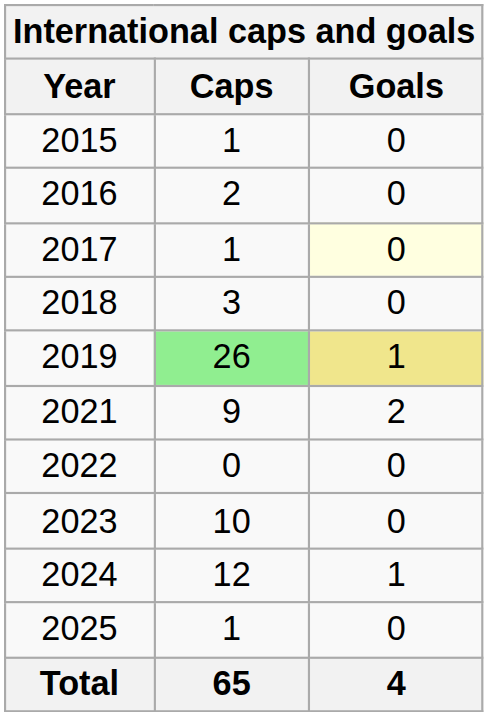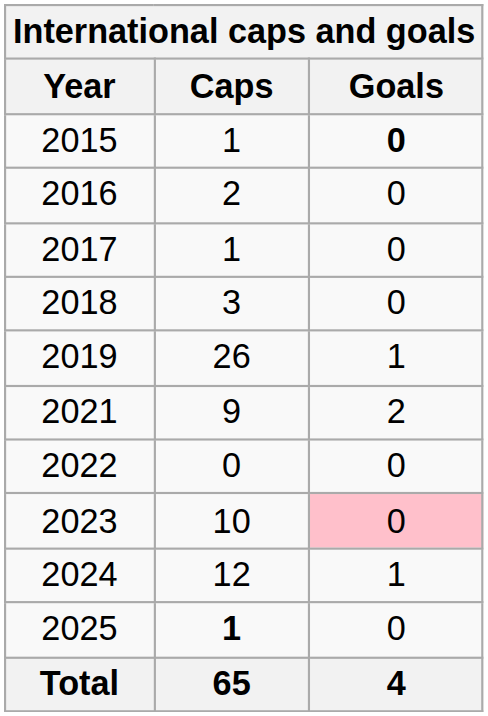 <table class="wikitable sortable" style="text-align:center">
 <tr>
 <th colspan="3">International caps and goals</th>
 </tr>
 <tr>
 <th>Year</th>
 <th>Caps</th>
 <th>Goals</th>
 </tr>
 <tr>
 <td>2015</td>
 <td>1</td>
-<td>0</td>
+<td><strong>0</strong></td>
 </tr>
 <tr>
 <td>2016</td>
 <td>2</td>
 <td>0</td>
 </tr>
 <tr>
 <td>2017</td>
 <td>1</td>
-<td style="background: lightyellow;">0</td>
+<td>0</td>
 </tr>
 <tr>
 <td>2018</td>
 <td>3</td>
 <td>0</td>
 </tr>
 <tr>
 <td>2019</td>
-<td style="background: lightgreen;">26</td>
-<td style="background: khaki;">1</td>
+<td>26</td>
+<td>1</td>
 </tr>
 <tr>
 <td>2021</td>
 <td>9</td>
 <td>2</td>
 </tr>
 <tr>
 <td>2022</td>
 <td>0</td>
 <td>0</td>
 </tr>
 <tr>
 <td>2023</td>
 <td>10</td>
-<td>0</td>
+<td style="background: pink;">0</td>
 </tr>
 <tr>
 <td>2024</td>
 <td>12</td>
 <td>1</td>
 </tr>
 <tr>
 <td>2025</td>
-<td>1</td>
+<td><strong>1</strong></td>
 <td>0</td>
 </tr>
 <tr>
 <th>Total</th>
 <th>65</th>
 <th>4</th>
 </tr>
 </table>
